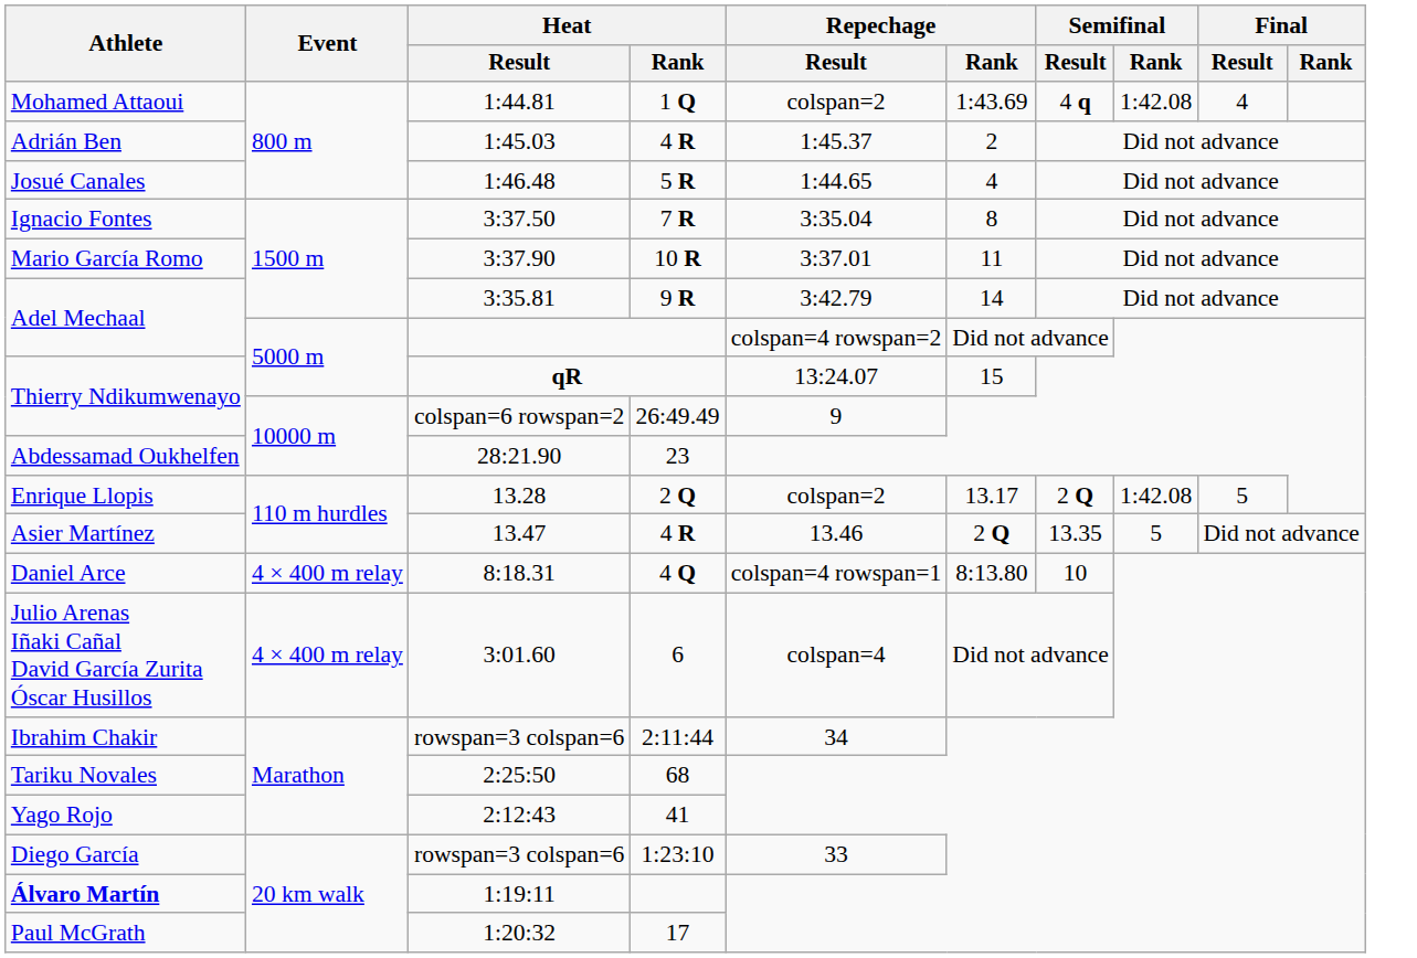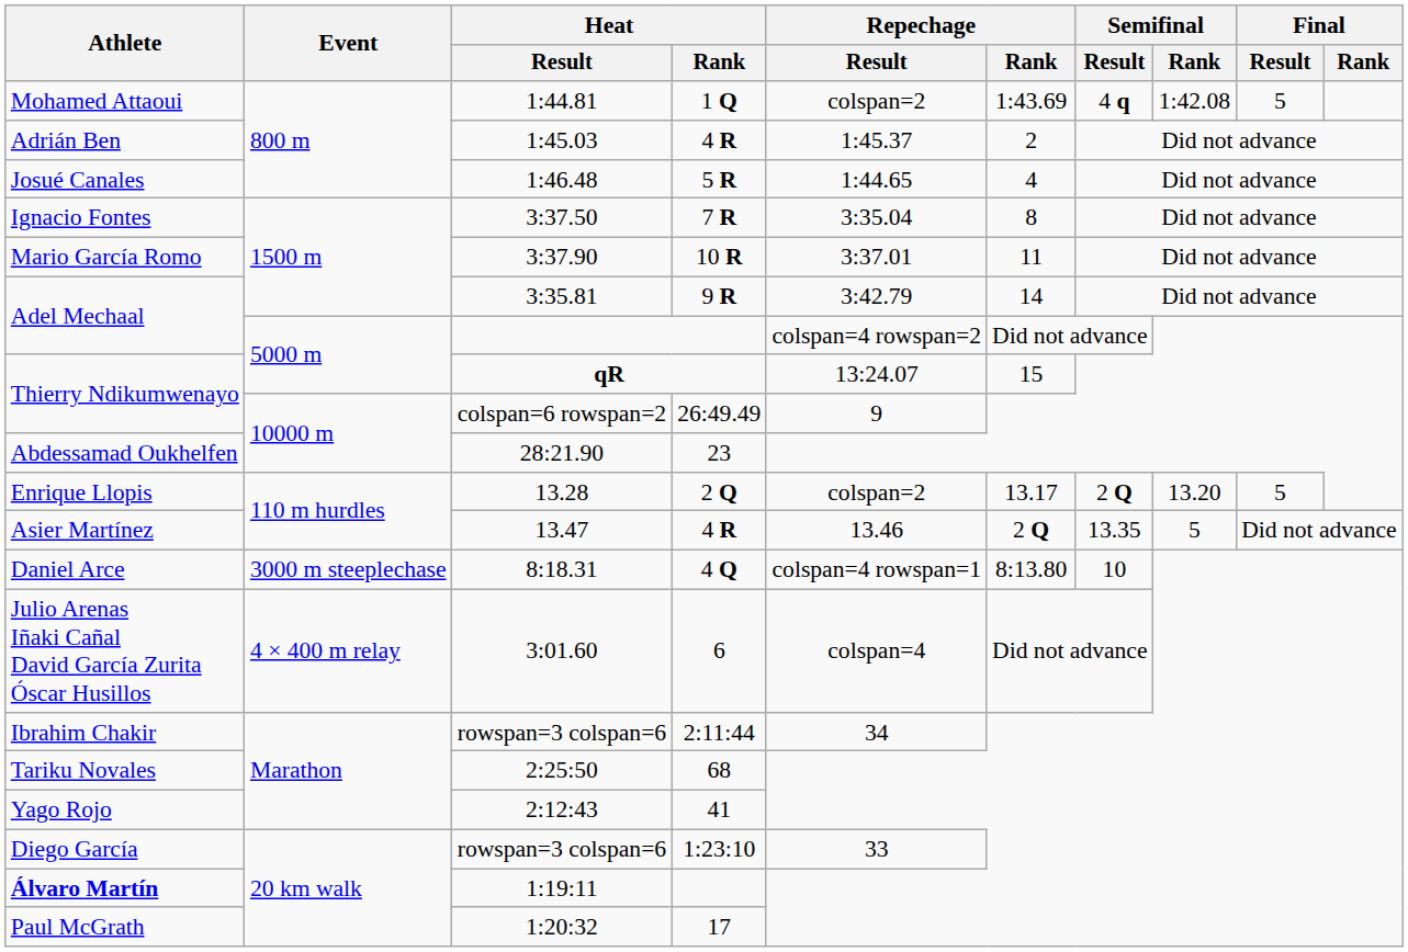 <table class="wikitable" style="font-size:90%">
 <tr>
 <th rowspan="2">Athlete</th>
 <th rowspan="2">Event</th>
 <th colspan="2">Heat</th>
 <th colspan="2">Repechage</th>
 <th colspan="2">Semifinal</th>
 <th colspan="2">Final</th>
 </tr>
 <tr style="font-size:95%">
 <th>Result</th>
 <th>Rank</th>
 <th>Result</th>
 <th>Rank</th>
 <th>Result</th>
 <th>Rank</th>
 <th>Result</th>
 <th>Rank</th>
 </tr>
 <tr align=center>
 <td align=left><a href='#'>Mohamed Attaoui</a></td>
 <td align=left rowspan=3><a href='#'>800 m</a></td>
 <td>1:44.81</td>
 <td>1 <strong>Q</strong></td>
 <td>colspan=2 </td>
 <td>1:43.69</td>
 <td>4 <strong>q</strong></td>
 <td>1:42.08</td>
-<td>4</td>
+<td>5</td>
 </tr>
 <tr align=center>
 <td align=left><a href='#'>Adrián Ben</a></td>
 <td>1:45.03</td>
 <td>4 <strong>R</strong></td>
 <td>1:45.37</td>
 <td>2</td>
 <td colspan=4>Did not advance</td>
 </tr>
 <tr align=center>
 <td align=left><a href='#'>Josué Canales</a></td>
 <td>1:46.48</td>
 <td>5 <strong>R</strong></td>
 <td>1:44.65</td>
 <td>4</td>
 <td colspan=4>Did not advance</td>
 </tr>
 <tr align=center>
 <td align=left><a href='#'>Ignacio Fontes</a></td>
 <td align=left rowspan=3><a href='#'>1500 m</a></td>
 <td>3:37.50</td>
 <td>7 <strong>R</strong></td>
 <td>3:35.04</td>
 <td>8</td>
 <td colspan=4>Did not advance</td>
 </tr>
 <tr align=center>
 <td align=left><a href='#'>Mario García Romo</a></td>
 <td>3:37.90</td>
 <td>10 <strong>R</strong></td>
 <td>3:37.01</td>
 <td>11</td>
 <td colspan=4>Did not advance</td>
 </tr>
 <tr align=center>
 <td align=left rowspan=2><a href='#'>Adel Mechaal</a></td>
 <td>3:35.81</td>
 <td>9 <strong>R</strong></td>
 <td>3:42.79</td>
 <td>14</td>
 <td colspan=4>Did not advance</td>
 </tr>
 <tr align=center>
 <td align=left rowspan=2><a href='#'>5000 m</a></td>
 <td colspan=2></td>
 <td>colspan=4 rowspan=2 </td>
 <td colspan=2>Did not advance</td>
 </tr>
 <tr align=center>
 <td align=left rowspan=2><a href='#'>Thierry Ndikumwenayo</a></td>
 <td colspan=2> <strong>qR</strong></td>
 <td>13:24.07</td>
 <td>15</td>
 </tr>
 <tr align=center>
 <td align=left rowspan=2><a href='#'>10000 m</a></td>
 <td>colspan=6 rowspan=2 </td>
 <td>26:49.49 <strong></strong></td>
 <td>9</td>
 </tr>
 <tr align=center>
 <td align=left><a href='#'>Abdessamad Oukhelfen</a></td>
 <td>28:21.90</td>
 <td>23</td>
 </tr>
 <tr align=center>
 <td align=left><a href='#'>Enrique Llopis</a></td>
 <td align=left rowspan=2><a href='#'>110 m hurdles</a></td>
 <td>13.28</td>
 <td>2 <strong>Q</strong></td>
 <td>colspan=2 </td>
 <td>13.17</td>
 <td>2 <strong>Q</strong></td>
-<td>1:42.08</td>
+<td>13.20</td>
 <td>5</td>
 </tr>
 <tr align=center>
 <td align=left><a href='#'>Asier Martínez</a></td>
 <td>13.47</td>
 <td>4 <strong>R</strong></td>
 <td>13.46</td>
 <td>2 <strong>Q</strong></td>
 <td>13.35</td>
 <td>5</td>
 <td colspan=2>Did not advance</td>
 </tr>
 <tr align=center>
 <td align=left><a href='#'>Daniel Arce</a></td>
-<td align=left><a href='#'>4 × 400 m relay</a></td>
+<td align=left><a href='#'>3000 m steeplechase</a></td>
 <td>8:18.31</td>
 <td>4 <strong>Q</strong></td>
 <td>colspan=4 rowspan=1 </td>
 <td>8:13.80</td>
 <td>10</td>
 </tr>
 <tr align=center>
 <td align=left><a href='#'>Julio Arenas</a><br><a href='#'>Iñaki Cañal</a><br><a href='#'>David García Zurita</a><br><a href='#'>Óscar Husillos</a><br></td>
 <td align=left><a href='#'>4 × 400 m relay</a></td>
 <td>3:01.60</td>
 <td>6</td>
 <td>colspan=4  </td>
 <td colspan=2>Did not advance</td>
 </tr>
 <tr align=center>
 <td align=left><a href='#'>Ibrahim Chakir</a></td>
 <td align=left rowspan=3><a href='#'>Marathon</a></td>
 <td>rowspan=3 colspan=6 </td>
 <td>2:11:44</td>
 <td>34</td>
 </tr>
 <tr align=center>
 <td align=left><a href='#'>Tariku Novales</a></td>
 <td>2:25:50 <strong></strong></td>
 <td>68</td>
 </tr>
 <tr align=center>
 <td align=left><a href='#'>Yago Rojo</a></td>
 <td>2:12:43 <strong></strong></td>
 <td>41</td>
 </tr>
 <tr align=center>
 <td align=left><a href='#'>Diego García</a></td>
 <td align=left rowspan=3><a href='#'>20 km walk</a></td>
 <td>rowspan=3 colspan=6 </td>
 <td>1:23:10</td>
 <td>33</td>
 </tr>
 <tr align=center>
 <td align=left><strong><a href='#'>Álvaro Martín</a></strong></td>
 <td>1:19:11</td>
 <td></td>
 </tr>
 <tr align=center>
 <td align=left><a href='#'>Paul McGrath</a></td>
 <td>1:20:32</td>
 <td>17</td>
 </tr>
 </table>
